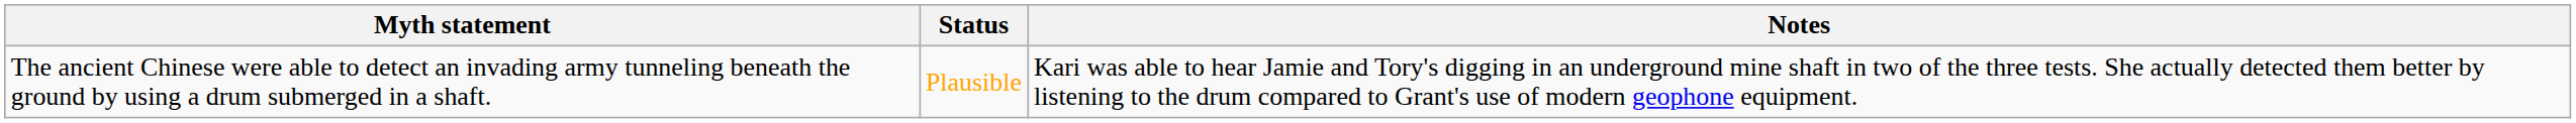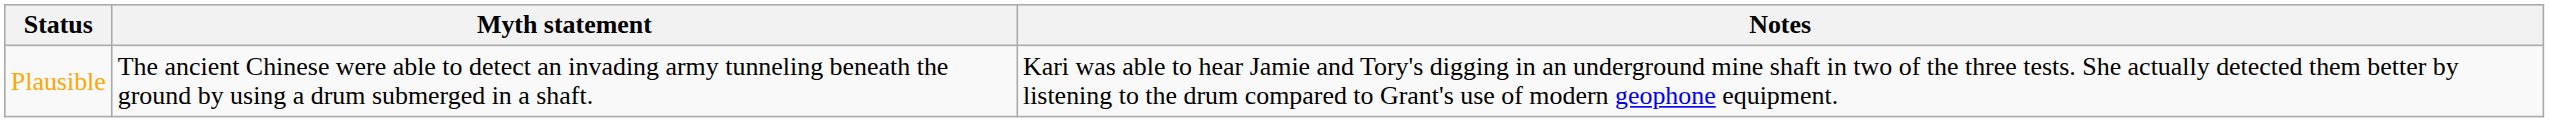 <table class="wikitable plainrowheaders">
 <tr>
+<th>Status</th>
 <th>Myth statement</th>
-<th>Status</th>
 <th>Notes</th>
 </tr>
 <tr>
+<td style="color:orange">Plausible</td>
 <td>The ancient Chinese were able to detect an invading army tunneling beneath the ground by using a drum submerged in a shaft.</td>
-<td style="color:orange">Plausible</td>
 <td>Kari was able to hear Jamie and Tory's digging in an underground mine shaft in two of the three tests. She actually detected them better by listening to the drum compared to Grant's use of modern <a href='#'>geophone</a> equipment.</td>
 </tr>
 </table>
